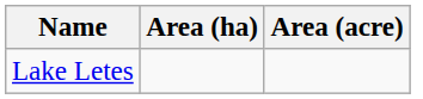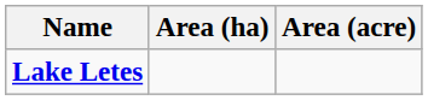 <table class="wikitable sortable">
 <tr>
 <th scope="col" align=left>Name</th>
 <th scope="col">Area (ha)</th>
 <th scope="col">Area (acre)</th>
 </tr>
 <tr ---->
-<td><a href='#'>Lake Letes</a></td>
+<td><strong><a href='#'>Lake Letes</a></strong></td>
 <td></td>
 </tr>
 </table>
